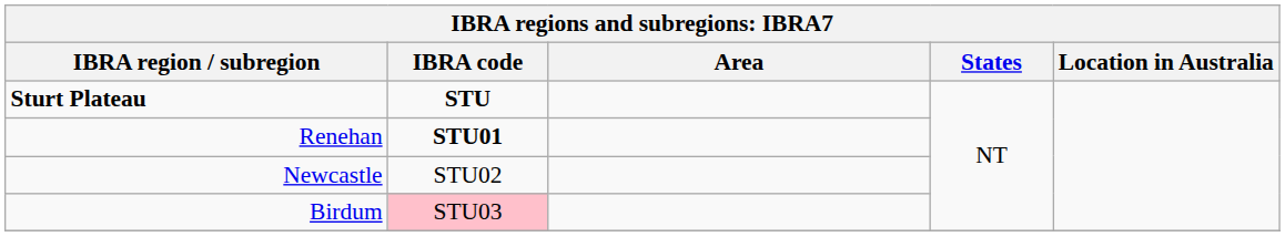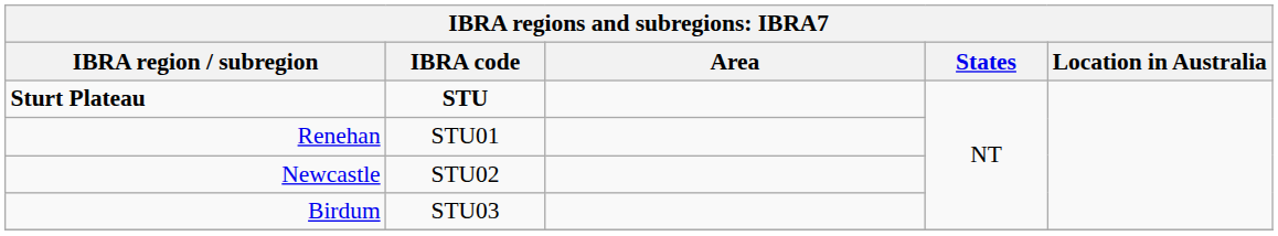 <table class="wikitable sortable">
 <tr>
 <th rowwidth=100px colspan=5>IBRA regions and subregions: IBRA7</th>
 </tr>
 <tr>
 <th scope="col" width="250px">IBRA region / subregion</th>
 <th scope="col" width="100px">IBRA code</th>
 <th scope="col" width="250px">Area</th>
 <th scope="col" width="75px"><a href='#'>States</a></th>
 <th>Location in Australia</th>
 </tr>
 <tr>
 <td><strong>Sturt Plateau</strong></td>
 <td align="center"><strong>STU</strong></td>
 <td align="right"><strong></strong></td>
 <td align="center" rowspan=4>NT</td>
 <td align="center" rowspan=4></td>
 </tr>
 <tr>
 <td align="right"><a href='#'>Renehan</a></td>
-<td align="center"><strong>STU01</strong></td>
+<td align="center">STU01</td>
 <td align="right"></td>
 </tr>
 <tr>
 <td align="right"><a href='#'>Newcastle</a></td>
 <td align="center">STU02</td>
 <td align="right"></td>
 </tr>
 <tr>
 <td align="right"><a href='#'>Birdum</a></td>
-<td align="center" style="background: pink;">STU03</td>
+<td align="center">STU03</td>
 <td align="right"></td>
 </tr>
 <tr>
 </tr>
 </table>
